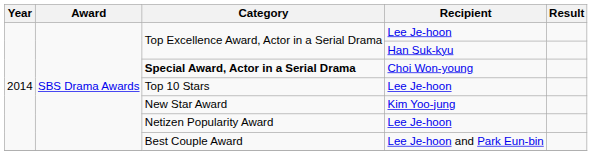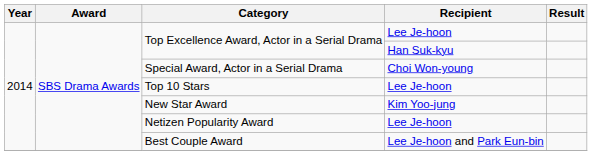 <table class="wikitable">
 <tr>
 <th>Year</th>
 <th>Award</th>
 <th>Category</th>
 <th>Recipient</th>
 <th>Result</th>
 </tr>
 <tr>
 <td rowspan=7>2014</td>
 <td rowspan=7><a href='#'>SBS Drama Awards</a></td>
 <td rowspan=2>Top Excellence Award, Actor in a Serial Drama</td>
 <td><a href='#'>Lee Je-hoon</a></td>
 <td></td>
 </tr>
 <tr>
 <td><a href='#'>Han Suk-kyu</a></td>
 <td></td>
 </tr>
 <tr>
-<td><strong>Special Award, Actor in a Serial Drama</strong></td>
+<td>Special Award, Actor in a Serial Drama</td>
 <td><a href='#'>Choi Won-young</a></td>
 <td></td>
 </tr>
 <tr>
 <td>Top 10 Stars</td>
 <td><a href='#'>Lee Je-hoon</a></td>
 <td></td>
 </tr>
 <tr>
 <td>New Star Award</td>
 <td><a href='#'>Kim Yoo-jung</a></td>
 <td></td>
 </tr>
 <tr>
 <td>Netizen Popularity Award</td>
 <td><a href='#'>Lee Je-hoon</a></td>
 <td></td>
 </tr>
 <tr>
 <td>Best Couple Award</td>
 <td><a href='#'>Lee Je-hoon</a> and <a href='#'>Park Eun-bin</a></td>
 <td></td>
 </tr>
 <tr>
 </tr>
 </table>
